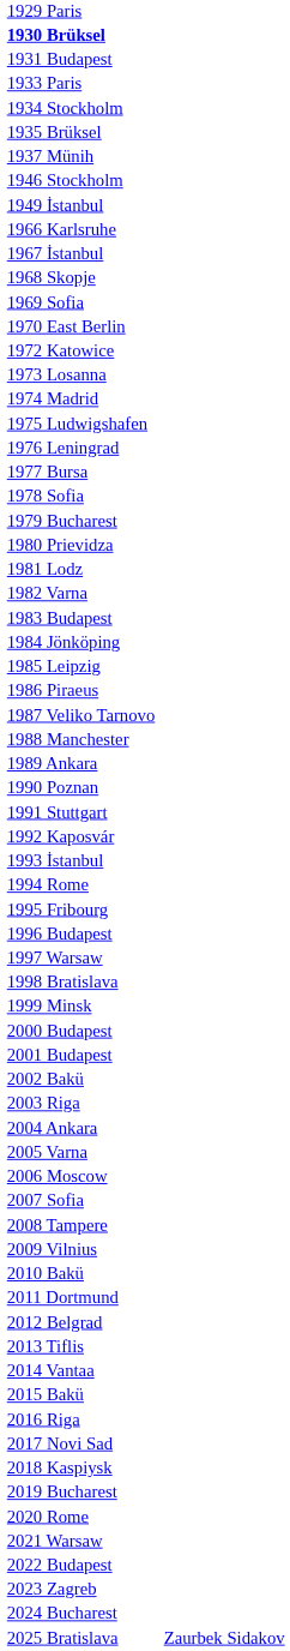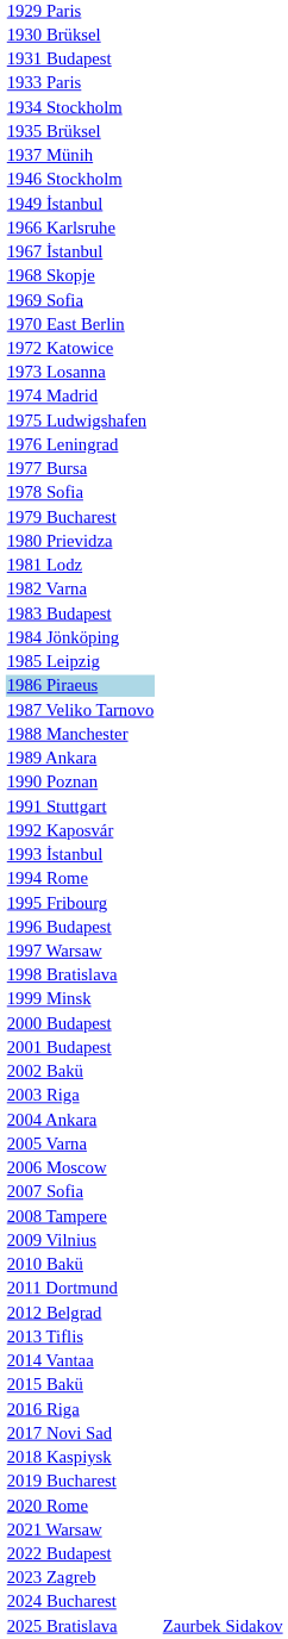 <table>
 <tr>
 <td><a href='#'>1929 Paris</a></td>
 <td></td>
 <td></td>
 <td></td>
 </tr>
 <tr>
-<td><strong><a href='#'>1930 Brüksel</a></strong></td>
+<td><a href='#'>1930 Brüksel</a></td>
 <td></td>
 <td></td>
 <td></td>
 </tr>
 <tr>
 <td><a href='#'>1931 Budapest</a></td>
 <td></td>
 <td></td>
 <td></td>
 </tr>
 <tr>
 <td><a href='#'>1933 Paris</a></td>
 <td></td>
 <td></td>
 <td></td>
 </tr>
 <tr>
 <td><a href='#'>1934 Stockholm</a></td>
 <td></td>
 <td></td>
 <td></td>
 </tr>
 <tr>
 <td><a href='#'>1935 Brüksel</a></td>
 <td></td>
 <td></td>
 <td></td>
 </tr>
 <tr>
 <td><a href='#'>1937 Münih</a></td>
 <td></td>
 <td></td>
 <td></td>
 </tr>
 <tr>
 <td><a href='#'>1946 Stockholm</a></td>
 <td></td>
 <td></td>
 <td></td>
 </tr>
 <tr>
 <td><a href='#'>1949 İstanbul</a></td>
 <td></td>
 <td></td>
 <td></td>
 </tr>
 <tr>
 <td><a href='#'>1966 Karlsruhe</a></td>
 <td></td>
 <td></td>
 <td></td>
 </tr>
 <tr>
 <td><a href='#'>1967 İstanbul</a></td>
 <td></td>
 <td></td>
 <td></td>
 </tr>
 <tr>
 <td><a href='#'>1968 Skopje</a></td>
 <td></td>
 <td></td>
 <td></td>
 </tr>
 <tr>
 <td><a href='#'>1969 Sofia</a></td>
 <td></td>
 <td></td>
 <td></td>
 </tr>
 <tr>
 <td><a href='#'>1970 East Berlin</a></td>
 <td></td>
 <td></td>
 <td></td>
 </tr>
 <tr>
 <td><a href='#'>1972 Katowice</a></td>
 <td></td>
 <td></td>
 <td></td>
 </tr>
 <tr>
 <td><a href='#'>1973 Losanna</a></td>
 <td></td>
 <td></td>
 <td></td>
 </tr>
 <tr>
 <td><a href='#'>1974 Madrid</a></td>
 <td></td>
 <td></td>
 <td></td>
 </tr>
 <tr>
 <td><a href='#'>1975 Ludwigshafen</a></td>
 <td></td>
 <td></td>
 <td></td>
 </tr>
 <tr>
 <td><a href='#'>1976 Leningrad</a></td>
 <td></td>
 <td></td>
 <td></td>
 </tr>
 <tr>
 <td><a href='#'>1977 Bursa</a></td>
 <td></td>
 <td></td>
 <td></td>
 </tr>
 <tr>
 <td><a href='#'>1978 Sofia</a></td>
 <td></td>
 <td></td>
 <td></td>
 </tr>
 <tr>
 <td><a href='#'>1979 Bucharest</a></td>
 <td></td>
 <td></td>
 <td></td>
 </tr>
 <tr>
 <td><a href='#'>1980 Prievidza</a></td>
 <td></td>
 <td></td>
 <td></td>
 </tr>
 <tr>
 <td><a href='#'>1981 Lodz</a></td>
 <td></td>
 <td></td>
 <td></td>
 </tr>
 <tr>
 <td><a href='#'>1982 Varna</a></td>
 <td></td>
 <td></td>
 <td></td>
 </tr>
 <tr>
 <td><a href='#'>1983 Budapest</a></td>
 <td></td>
 <td></td>
 <td></td>
 </tr>
 <tr>
 <td><a href='#'>1984 Jönköping</a></td>
 <td></td>
 <td></td>
 <td></td>
 </tr>
 <tr>
 <td><a href='#'>1985 Leipzig</a></td>
 <td></td>
 <td></td>
 <td></td>
 </tr>
 <tr>
-<td><a href='#'>1986 Piraeus</a></td>
+<td style="background: lightblue;"><a href='#'>1986 Piraeus</a></td>
 <td></td>
 <td></td>
 <td></td>
 </tr>
 <tr>
 <td><a href='#'>1987 Veliko Tarnovo</a></td>
 <td></td>
 <td></td>
 <td></td>
 </tr>
 <tr>
 <td><a href='#'>1988 Manchester</a></td>
 <td></td>
 <td></td>
 <td></td>
 </tr>
 <tr>
 <td><a href='#'>1989 Ankara</a></td>
 <td></td>
 <td></td>
 <td></td>
 </tr>
 <tr>
 <td><a href='#'>1990 Poznan</a></td>
 <td></td>
 <td></td>
 <td></td>
 </tr>
 <tr>
 <td><a href='#'>1991 Stuttgart</a></td>
 <td></td>
 <td></td>
 <td></td>
 </tr>
 <tr>
 <td><a href='#'>1992 Kaposvár</a></td>
 <td></td>
 <td></td>
 <td></td>
 </tr>
 <tr>
 <td><a href='#'>1993 İstanbul</a></td>
 <td></td>
 <td></td>
 <td></td>
 </tr>
 <tr>
 <td><a href='#'>1994 Rome</a></td>
 <td></td>
 <td></td>
 <td></td>
 </tr>
 <tr>
 <td><a href='#'>1995 Fribourg</a></td>
 <td></td>
 <td></td>
 <td></td>
 </tr>
 <tr>
 <td><a href='#'>1996 Budapest</a></td>
 <td></td>
 <td></td>
 <td></td>
 </tr>
 <tr>
 <td><a href='#'>1997 Warsaw</a></td>
 <td></td>
 <td></td>
 <td></td>
 </tr>
 <tr>
 <td><a href='#'>1998 Bratislava</a></td>
 <td></td>
 <td></td>
 <td></td>
 </tr>
 <tr>
 <td><a href='#'>1999 Minsk</a></td>
 <td></td>
 <td></td>
 <td></td>
 </tr>
 <tr>
 <td><a href='#'>2000 Budapest</a></td>
 <td></td>
 <td></td>
 <td></td>
 </tr>
 <tr>
 <td><a href='#'>2001 Budapest</a></td>
 <td></td>
 <td></td>
 <td></td>
 </tr>
 <tr>
 <td><a href='#'>2002 Bakü</a></td>
 <td></td>
 <td></td>
 <td></td>
 </tr>
 <tr>
 <td><a href='#'>2003 Riga</a></td>
 <td></td>
 <td></td>
 <td></td>
 </tr>
 <tr>
 <td><a href='#'>2004 Ankara</a></td>
 <td></td>
 <td></td>
 <td></td>
 </tr>
 <tr>
 <td rowspan=2><a href='#'>2005 Varna</a></td>
 <td rowspan=2></td>
 <td rowspan=2></td>
 <td></td>
 </tr>
 <tr>
 <td></td>
 </tr>
 <tr>
 <td rowspan=2><a href='#'>2006 Moscow</a></td>
 <td rowspan=2></td>
 <td rowspan=2></td>
 <td></td>
 </tr>
 <tr>
 <td></td>
 </tr>
 <tr>
 <td rowspan=2><a href='#'>2007 Sofia</a></td>
 <td rowspan=2></td>
 <td rowspan=2></td>
 <td></td>
 </tr>
 <tr>
 <td></td>
 </tr>
 <tr>
 <td rowspan=2><a href='#'>2008 Tampere</a></td>
 <td rowspan=2></td>
 <td rowspan=2></td>
 <td></td>
 </tr>
 <tr>
 <td></td>
 </tr>
 <tr>
 <td rowspan=2><a href='#'>2009 Vilnius</a></td>
 <td rowspan=2></td>
 <td rowspan=2></td>
 <td></td>
 </tr>
 <tr>
 <td></td>
 </tr>
 <tr>
 <td rowspan=2><a href='#'>2010 Bakü</a></td>
 <td rowspan=2></td>
 <td rowspan=2></td>
 <td></td>
 </tr>
 <tr>
 <td></td>
 </tr>
 <tr>
 <td rowspan=2><a href='#'>2011 Dortmund</a></td>
 <td rowspan=2></td>
 <td rowspan=2></td>
 <td></td>
 </tr>
 <tr>
 <td></td>
 </tr>
 <tr>
 <td rowspan=2><a href='#'>2012 Belgrad</a></td>
 <td rowspan=2></td>
 <td rowspan=2></td>
 <td></td>
 </tr>
 <tr>
 <td></td>
 </tr>
 <tr>
 <td rowspan=2><a href='#'>2013 Tiflis</a></td>
 <td rowspan=2></td>
 <td rowspan=2></td>
 <td></td>
 </tr>
 <tr>
 <td></td>
 </tr>
 <tr>
 <td rowspan=2><a href='#'>2014 Vantaa</a></td>
 <td rowspan=2></td>
 <td rowspan=2></td>
 <td></td>
 </tr>
 <tr>
 <td></td>
 </tr>
 <tr>
 <td rowspan=2><a href='#'>2015 Bakü</a></td>
 <td rowspan=2></td>
 <td rowspan=2></td>
 <td></td>
 </tr>
 <tr>
 <td></td>
 </tr>
 <tr>
 <td rowspan=2><a href='#'>2016 Riga</a></td>
 <td rowspan=2></td>
 <td rowspan=2></td>
 <td></td>
 </tr>
 <tr>
 <td></td>
 </tr>
 <tr>
 <td rowspan=2><a href='#'>2017 Novi Sad</a></td>
 <td rowspan=2></td>
 <td rowspan=2></td>
 <td></td>
 </tr>
 <tr>
 <td></td>
 </tr>
 <tr>
 <td rowspan=2><a href='#'>2018 Kaspiysk</a></td>
 <td rowspan=2></td>
 <td rowspan=2></td>
 <td></td>
 </tr>
 <tr>
 <td></td>
 </tr>
 <tr>
 <td rowspan=2><a href='#'>2019 Bucharest</a></td>
 <td rowspan=2></td>
 <td rowspan=2></td>
 <td></td>
 </tr>
 <tr>
 <td></td>
 </tr>
 <tr>
 <td rowspan=2><a href='#'>2020 Rome</a></td>
 <td rowspan=2></td>
 <td rowspan=2></td>
 <td></td>
 </tr>
 <tr>
 <td></td>
 </tr>
 <tr>
 <td rowspan=2><a href='#'>2021 Warsaw</a></td>
 <td rowspan=2></td>
 <td rowspan=2></td>
 <td></td>
 </tr>
 <tr>
 <td></td>
 </tr>
 <tr>
 <td rowspan=2><a href='#'>2022 Budapest</a></td>
 <td rowspan=2></td>
 <td rowspan=2></td>
 <td></td>
 </tr>
 <tr>
 <td></td>
 </tr>
 <tr>
 <td rowspan=2><a href='#'>2023 Zagreb</a></td>
 <td rowspan=2></td>
 <td rowspan=2></td>
 <td></td>
 </tr>
 <tr>
 <td></td>
 </tr>
 <tr>
 <td rowspan=2><a href='#'>2024 Bucharest</a></td>
 <td rowspan=2></td>
 <td rowspan=2></td>
 <td></td>
 </tr>
 <tr>
 <td></td>
 </tr>
 <tr>
 <td rowspan=2><a href='#'>2025 Bratislava</a></td>
 <td rowspan=2></td>
 <td rowspan=2> <a href='#'>Zaurbek Sidakov</a> </td>
 <td></td>
 </tr>
 <tr>
 <td></td>
 </tr>
 </table>
